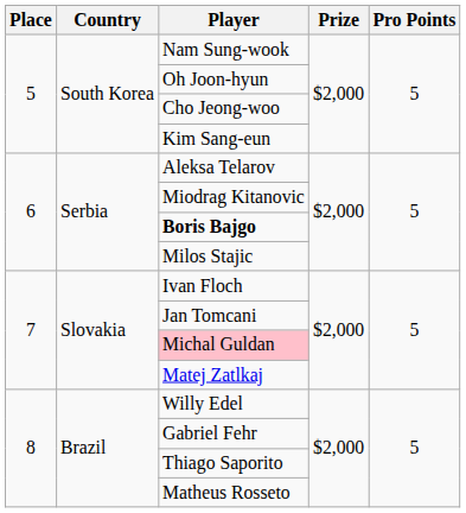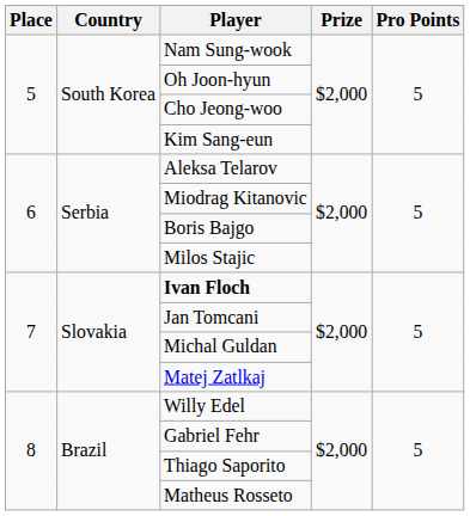 <table class="wikitable">
 <tr>
 <th>Place</th>
 <th>Country</th>
 <th>Player</th>
 <th>Prize</th>
 <th>Pro Points</th>
 </tr>
 <tr>
 <td rowspan="4" align=center>5</td>
 <td rowspan="4"> South Korea</td>
 <td>Nam Sung-wook</td>
 <td rowspan="4" align=center>$2,000</td>
 <td rowspan="4" align=center>5</td>
 </tr>
 <tr>
 <td>Oh Joon-hyun</td>
 </tr>
 <tr>
 <td>Cho Jeong-woo</td>
 </tr>
 <tr>
 <td>Kim Sang-eun</td>
 </tr>
 <tr>
 <td rowspan="4" align=center>6</td>
 <td rowspan="4">  Serbia</td>
 <td>Aleksa Telarov</td>
 <td rowspan="4" align=center>$2,000</td>
 <td rowspan="4" align=center>5</td>
 </tr>
 <tr>
 <td>Miodrag Kitanovic</td>
 </tr>
 <tr>
-<td><strong>Boris Bajgo</strong></td>
+<td>Boris Bajgo</td>
 </tr>
 <tr>
 <td>Milos Stajic</td>
 </tr>
 <tr>
 <td rowspan="4" align=center>7</td>
 <td rowspan="4"> Slovakia</td>
-<td>Ivan Floch</td>
+<td><strong>Ivan Floch</strong></td>
 <td rowspan="4" align=center>$2,000</td>
 <td rowspan="4" align=center>5</td>
 </tr>
 <tr>
 <td>Jan Tomcani</td>
 </tr>
 <tr>
-<td style="background: pink;">Michal Guldan</td>
+<td>Michal Guldan</td>
 </tr>
 <tr>
 <td><a href='#'>Matej Zatlkaj</a></td>
 </tr>
 <tr>
 <td rowspan="4" align=center>8</td>
 <td rowspan="4"> Brazil</td>
 <td>Willy Edel</td>
 <td rowspan="4" align=center>$2,000</td>
 <td rowspan="4" align=center>5</td>
 </tr>
 <tr>
 <td>Gabriel Fehr</td>
 </tr>
 <tr>
 <td>Thiago Saporito</td>
 </tr>
 <tr>
 <td>Matheus Rosseto</td>
 </tr>
 </table>
